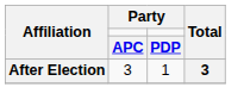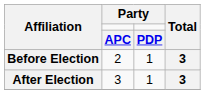 <table class="wikitable" style="text-align:center">
 <tr>
 <th rowspan="3">Affiliation</th>
 <th colspan="2">Party</th>
 <th rowspan="3">Total</th>
 </tr>
 <tr>
 <td style="background-color:"></td>
 <td style="background-color:"></td>
 </tr>
 <tr>
 <th><a href='#'>APC</a></th>
 <th><a href='#'>PDP</a></th>
 </tr>
 <tr>
+<th>Before Election</th>
+<td>2</td>
+<td>1</td>
+<th>3</th>
+</tr>
+<tr>
 <th>After Election</th>
 <td>3</td>
 <td>1</td>
 <th>3</th>
 </tr>
 <tr>
 </tr>
 </table>
